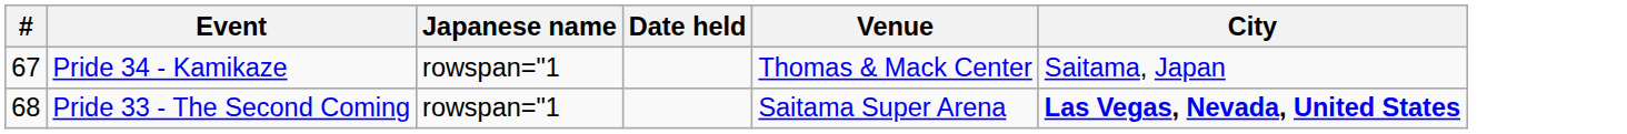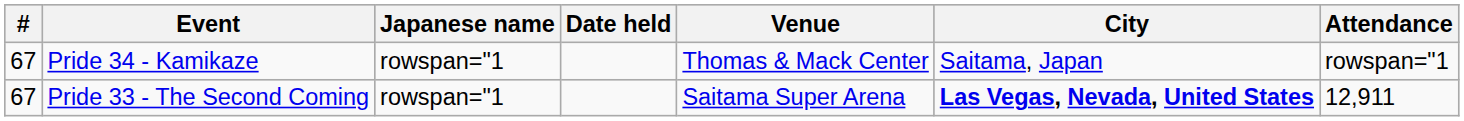 <table class="sortable wikitable succession-box" style="font-size:90%;">
 <tr>
 <th>#</th>
 <th>Event</th>
 <th>Japanese name</th>
 <th>Date held</th>
 <th>Venue</th>
 <th>City</th>
+<th>Attendance</th>
 </tr>
 <tr>
 <td style="text-align:center">67</td>
 <td><a href='#'>Pride 34 - Kamikaze</a></td>
 <td>rowspan="1 </td>
 <td></td>
 <td><a href='#'>Thomas & Mack Center</a></td>
 <td><a href='#'>Saitama</a>, <a href='#'>Japan</a></td>
+<td>rowspan="1 </td>
 </tr>
 <tr>
-<td style="text-align:center">68</td>
+<td style="text-align:center">67</td>
 <td><a href='#'>Pride 33 - The Second Coming</a></td>
 <td>rowspan="1 </td>
 <td></td>
 <td><a href='#'>Saitama Super Arena</a></td>
 <td><strong><a href='#'>Las Vegas</a>, <a href='#'>Nevada</a>, <a href='#'>United States</a></strong></td>
+<td>12,911</td>
 </tr>
 </table>
